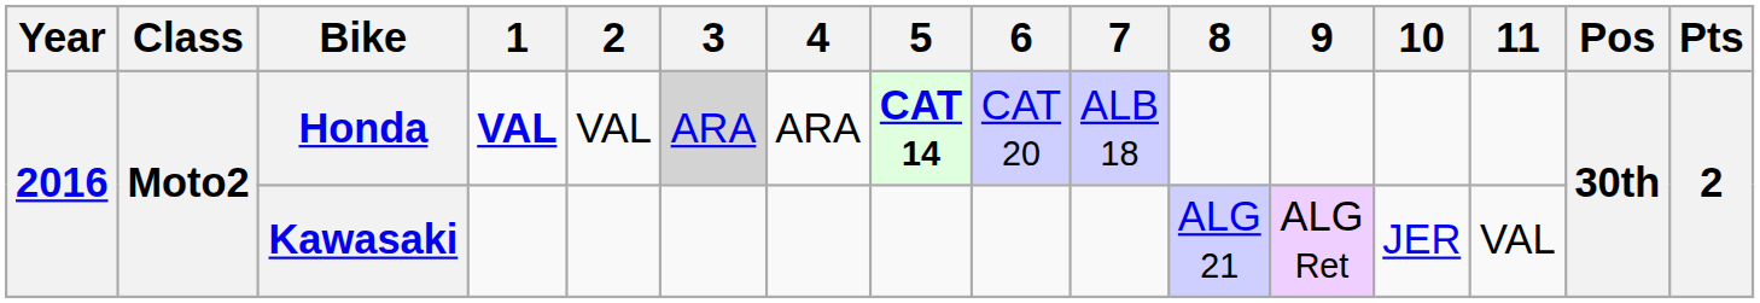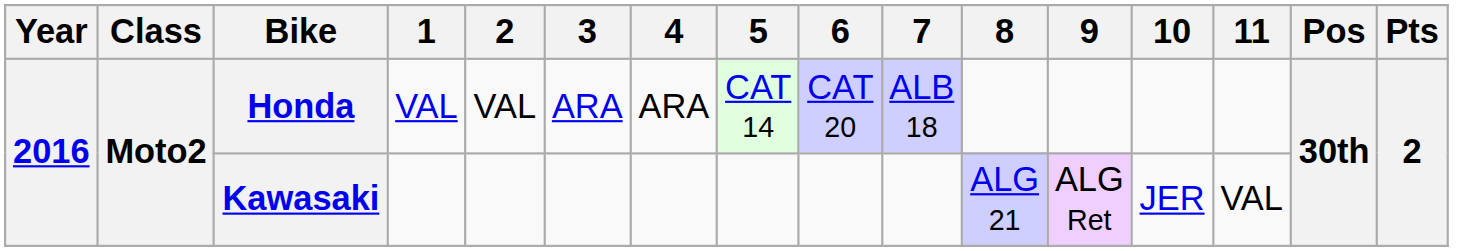 <table class="wikitable" style="text-align:center">
 <tr>
 <th>Year</th>
 <th>Class</th>
 <th>Bike</th>
 <th>1</th>
 <th>2</th>
 <th>3</th>
 <th>4</th>
 <th>5</th>
 <th>6</th>
 <th>7</th>
 <th>8</th>
 <th>9</th>
 <th>10</th>
 <th>11</th>
 <th>Pos</th>
 <th>Pts</th>
 </tr>
 <tr>
 <th align="left" rowspan=2><a href='#'>2016</a></th>
 <th align="left" rowspan=2>Moto2</th>
 <th align="left"><a href='#'>Honda</a></th>
-<td><strong><a href='#'>VAL</a><br><small></small></strong></td>
+<td><a href='#'>VAL</a><br><small></small></td>
 <td>VAL<br><small></small></td>
-<td style="background: lightgrey;"><a href='#'>ARA</a><br><small></small></td>
+<td><a href='#'>ARA</a><br><small></small></td>
 <td>ARA<br><small></small></td>
-<td style="background:#dfffdf;"><strong><a href='#'>CAT</a><br><small>14</small></strong></td>
+<td style="background:#dfffdf;"><a href='#'>CAT</a><br><small>14</small></td>
 <td style="background:#CFCFFF;"><a href='#'>CAT</a><br><small>20</small></td>
 <td style="background:#CFCFFF;"><a href='#'>ALB</a><br><small>18</small></td>
 <td></td>
 <td></td>
 <td></td>
 <td></td>
 <th rowspan=2>30th</th>
 <th rowspan=2>2</th>
 </tr>
 <tr>
 <th align="left"><a href='#'>Kawasaki</a></th>
 <td></td>
 <td></td>
 <td></td>
 <td></td>
 <td></td>
 <td></td>
 <td></td>
 <td style="background:#CFCFFF;"><a href='#'>ALG</a><br><small>21</small></td>
 <td style="background:#efcfff;">ALG<br><small>Ret</small></td>
 <td><a href='#'>JER</a><br><small></small></td>
 <td>VAL<br><small></small></td>
 </tr>
 </table>
